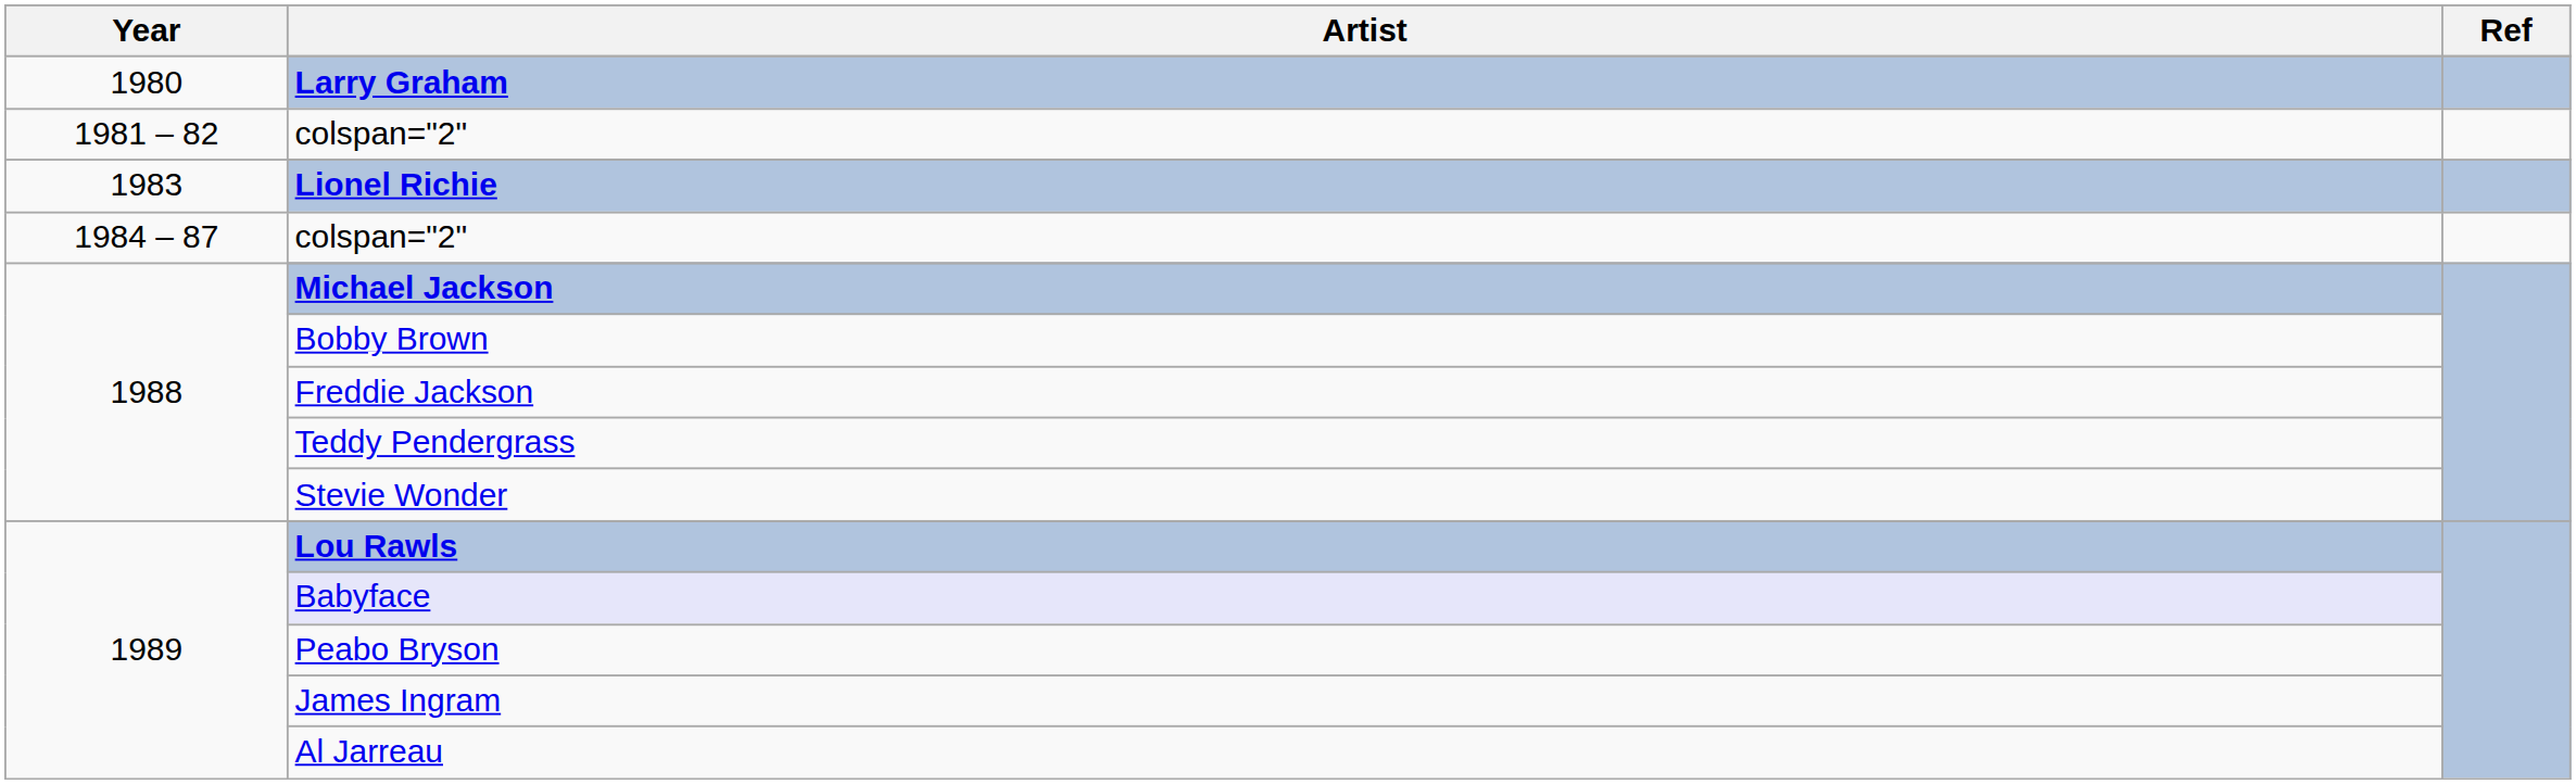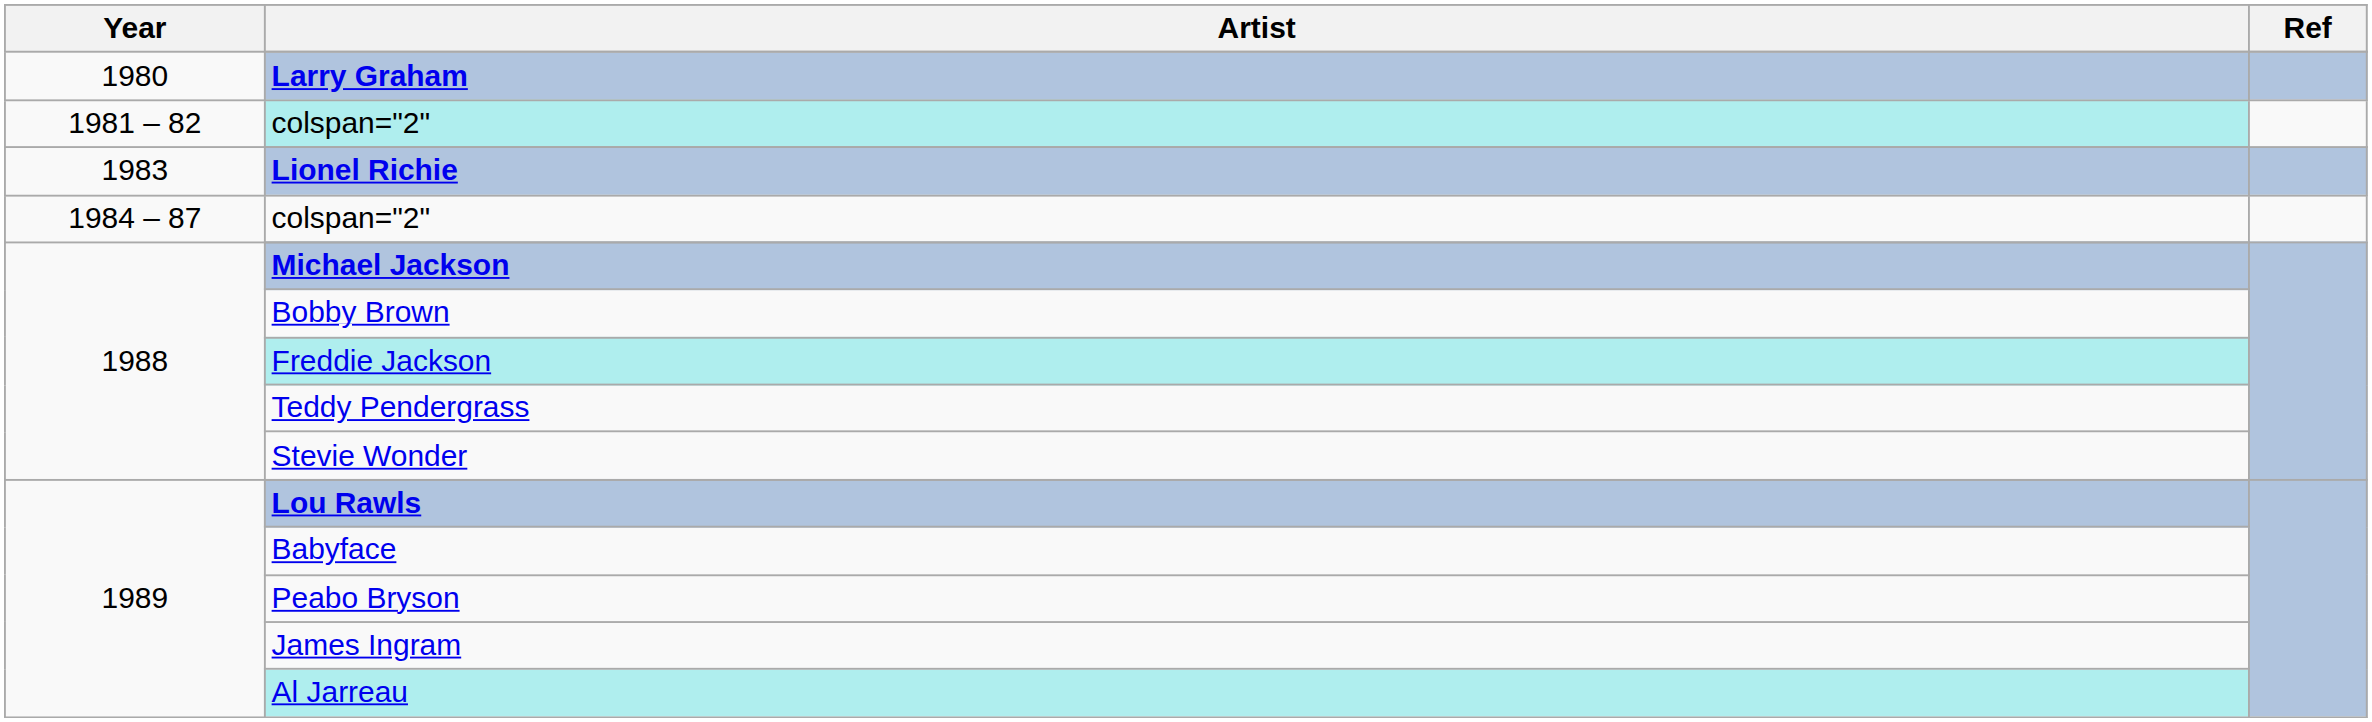 <table class="wikitable" style="width:100%;">
 <tr style="background:#bebebe;">
 <th style="width:11%;">Year</th>
 <th style="width:84%;">Artist</th>
 <th style="width:5%;">Ref</th>
 </tr>
 <tr>
 <td rowspan="2" align="center">1980</td>
 </tr>
 <tr style="background:#B0C4DE">
 <td><strong><a href='#'>Larry Graham</a></strong></td>
 <td align="center"></td>
 </tr>
 <tr>
 <td align="center">1981 – 82</td>
-<td>colspan="2" </td>
+<td style="background: paleturquoise;">colspan="2" </td>
 </tr>
 <tr>
 <td rowspan="2" align="center">1983</td>
 </tr>
 <tr style="background:#B0C4DE">
 <td><strong><a href='#'>Lionel Richie</a></strong></td>
 <td align="center"></td>
 </tr>
 <tr>
 <td align="center">1984 – 87</td>
 <td>colspan="2" </td>
 </tr>
 <tr>
 <td rowspan="6" align="center">1988</td>
 </tr>
 <tr style="background:#B0C4DE">
 <td><strong><a href='#'>Michael Jackson</a></strong></td>
 <td rowspan="6" align="center"></td>
 </tr>
 <tr>
 <td><a href='#'>Bobby Brown</a></td>
 </tr>
 <tr>
-<td><a href='#'>Freddie Jackson</a></td>
+<td style="background: paleturquoise;"><a href='#'>Freddie Jackson</a></td>
 </tr>
 <tr>
 <td><a href='#'>Teddy Pendergrass</a></td>
 </tr>
 <tr>
 <td><a href='#'>Stevie Wonder</a></td>
 </tr>
 <tr>
 <td rowspan="6" align="center">1989</td>
 </tr>
 <tr style="background:#B0C4DE">
 <td><strong><a href='#'>Lou Rawls</a></strong></td>
 <td rowspan="6" align="center"></td>
 </tr>
 <tr>
-<td style="background: lavender;"><a href='#'>Babyface</a></td>
+<td><a href='#'>Babyface</a></td>
 </tr>
 <tr>
 <td><a href='#'>Peabo Bryson</a></td>
 </tr>
 <tr>
 <td><a href='#'>James Ingram</a></td>
 </tr>
 <tr>
-<td><a href='#'>Al Jarreau</a></td>
+<td style="background: paleturquoise;"><a href='#'>Al Jarreau</a></td>
 </tr>
 </table>
